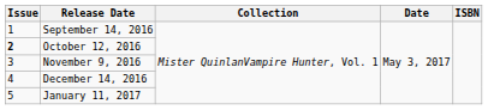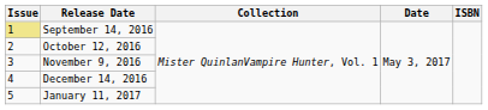 <table class="wikitable">
 <tr>
 <th>Issue</th>
 <th>Release Date</th>
 <th>Collection</th>
 <th>Date</th>
 <th>ISBN</th>
 </tr>
 <tr>
-<td>1</td>
+<td style="background: khaki;">1</td>
 <td>September 14, 2016</td>
 <td rowspan="5"><em>Mister QuinlanVampire Hunter</em>, Vol. 1</td>
 <td rowspan="5">May 3, 2017</td>
 <td rowspan="5"></td>
 </tr>
 <tr>
-<td><strong>2</strong></td>
+<td>2</td>
 <td>October 12, 2016</td>
 </tr>
 <tr>
 <td>3</td>
 <td>November 9, 2016</td>
 </tr>
 <tr>
 <td>4</td>
 <td>December 14, 2016</td>
 </tr>
 <tr>
 <td>5</td>
 <td>January 11, 2017</td>
 </tr>
 </table>
